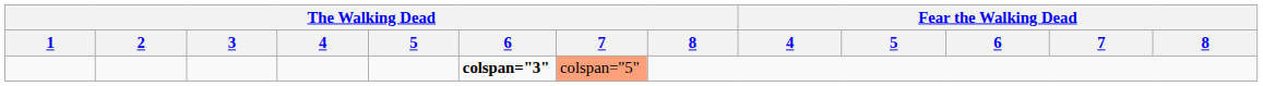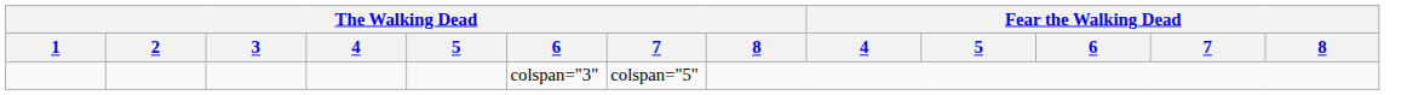 <table class="wikitable plainrowheaders">
 <tr>
 <th scope="col" colspan="8"><a href='#'>The Walking Dead</a></th>
 <th scope="col" colspan="8"><a href='#'>Fear the Walking Dead</a></th>
 </tr>
 <tr>
 <th scope="col" style="width:7%;"><a href='#'>1</a></th>
 <th scope="col" style="width:7%;"><a href='#'>2</a></th>
 <th scope="col" style="width:7%;"><a href='#'>3</a></th>
 <th scope="col" style="width:7%;"><a href='#'>4</a></th>
 <th scope="col" style="width:7%;"><a href='#'>5</a></th>
 <th scope="col" style="width:7%;"><a href='#'>6</a></th>
 <th scope="col" style="width:7%;"><a href='#'>7</a></th>
 <th scope="col" style="width:7%;"><a href='#'>8</a></th>
 <th scope="col" style="width:8%;"><a href='#'>4</a></th>
 <th scope="col" style="width:8%;"><a href='#'>5</a></th>
 <th scope="col" style="width:8%;"><a href='#'>6</a></th>
 <th scope="col" style="width:8%;"><a href='#'>7</a></th>
 <th scope="col" style="width:8%;"><a href='#'>8</a></th>
 </tr>
 <tr>
 <td></td>
 <td></td>
 <td></td>
 <td></td>
 <td></td>
-<td><strong>colspan="3" </strong></td>
-<td style="background: lightsalmon;">colspan="5" </td>
+<td>colspan="3" </td>
+<td>colspan="5" </td>
 </tr>
 </table>
